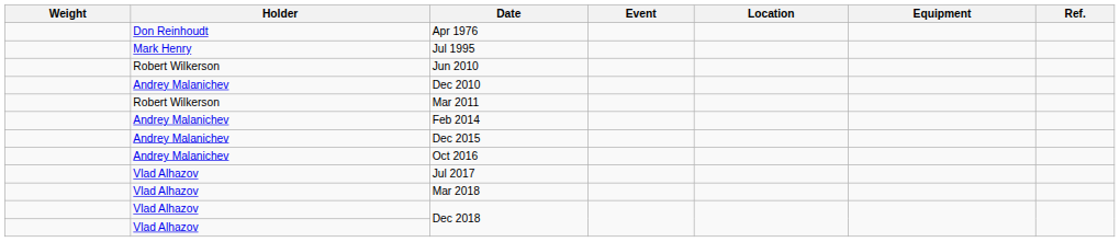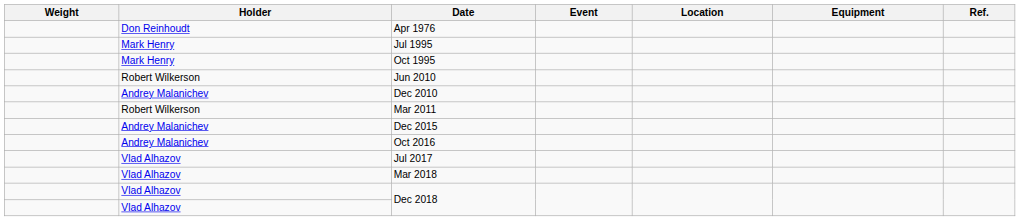 <table class="wikitable sortable" style="display: inline-table;width: 125%;">
 <tr>
 <th scope="col">Weight</th>
 <th scope="col">Holder</th>
 <th scope="col" class="unsortable">Date</th>
 <th scope="col" class="unsortable">Event</th>
 <th scope="col">Location</th>
 <th scope="col" class="unsortable">Equipment</th>
 <th scope="col" class="unsortable">Ref.</th>
 </tr>
 <tr>
 <td></td>
 <td> <a href='#'>Don Reinhoudt</a></td>
 <td>Apr 1976</td>
 <td></td>
 <td></td>
 <td></td>
 <td></td>
 </tr>
 <tr>
 <td></td>
 <td> <a href='#'>Mark Henry</a></td>
 <td>Jul 1995</td>
 <td></td>
 <td></td>
 <td></td>
 <td></td>
 </tr>
 <tr>
 <td></td>
+<td> <a href='#'>Mark Henry</a></td>
+<td>Oct 1995</td>
+<td></td>
+<td></td>
+<td></td>
+<td></td>
+</tr>
+<tr>
+<td></td>
 <td> Robert Wilkerson</td>
 <td>Jun 2010</td>
 <td></td>
 <td></td>
 <td></td>
 <td></td>
 </tr>
 <tr>
 <td></td>
 <td> <a href='#'>Andrey Malanichev</a></td>
 <td>Dec 2010</td>
 <td></td>
 <td></td>
 <td></td>
 <td></td>
 </tr>
 <tr>
 <td></td>
 <td> Robert Wilkerson</td>
 <td>Mar 2011</td>
-<td></td>
-<td></td>
-<td></td>
-<td></td>
-</tr>
-<tr>
-<td></td>
-<td> <a href='#'>Andrey Malanichev</a></td>
-<td>Feb 2014</td>
 <td></td>
 <td></td>
 <td></td>
 <td></td>
 </tr>
 <tr>
 <td></td>
 <td> <a href='#'>Andrey Malanichev</a></td>
 <td>Dec 2015</td>
 <td></td>
 <td></td>
 <td></td>
 <td></td>
 </tr>
 <tr>
 <td></td>
 <td> <a href='#'>Andrey Malanichev</a></td>
 <td>Oct 2016</td>
 <td></td>
 <td></td>
 <td></td>
 <td></td>
 </tr>
 <tr>
 <td></td>
 <td> <a href='#'>Vlad Alhazov</a></td>
 <td>Jul 2017</td>
 <td></td>
 <td></td>
 <td></td>
 <td></td>
 </tr>
 <tr>
 <td></td>
 <td> <a href='#'>Vlad Alhazov</a></td>
 <td>Mar 2018</td>
 <td></td>
 <td></td>
 <td></td>
 <td></td>
 </tr>
 <tr>
 <td></td>
 <td> <a href='#'>Vlad Alhazov</a></td>
 <td rowspan="2">Dec 2018</td>
 <td rowspan="2"></td>
 <td rowspan="2"></td>
 <td rowspan="2"></td>
 <td rowspan="2"></td>
 </tr>
 <tr>
 <td></td>
 <td> <a href='#'>Vlad Alhazov</a></td>
 </tr>
 </table>
